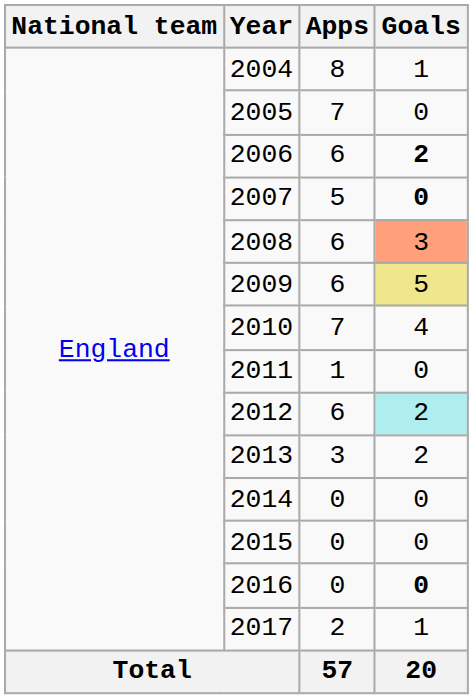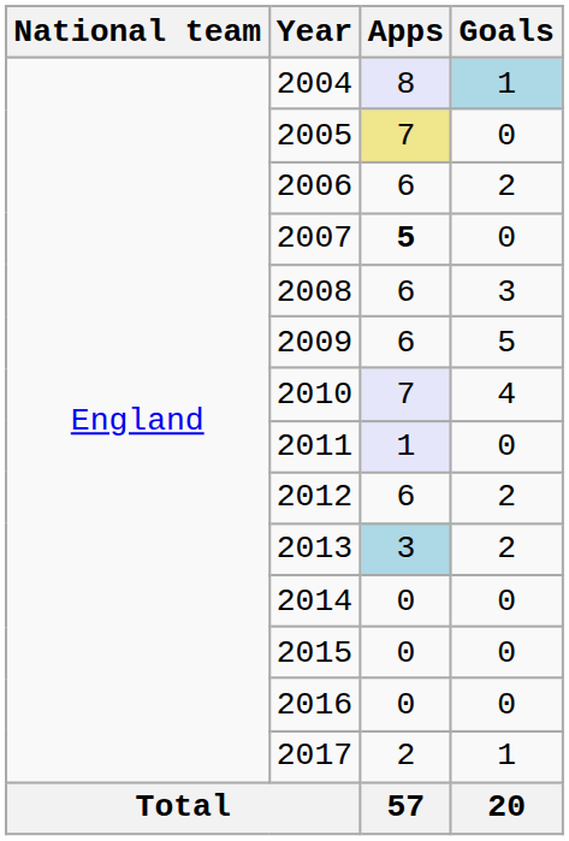 <table class="wikitable" style="text-align:center">
 <tr>
 <th>National team</th>
 <th>Year</th>
 <th>Apps</th>
 <th>Goals</th>
 </tr>
 <tr>
 <td rowspan="14"><a href='#'>England</a></td>
 <td>2004</td>
-<td>8</td>
-<td>1</td>
+<td style="background: lavender;">8</td>
+<td style="background: lightblue;">1</td>
 </tr>
 <tr>
 <td>2005</td>
-<td>7</td>
+<td style="background: khaki;">7</td>
 <td>0</td>
 </tr>
 <tr>
 <td>2006</td>
 <td>6</td>
-<td><strong>2</strong></td>
+<td>2</td>
 </tr>
 <tr>
 <td>2007</td>
-<td>5</td>
-<td><strong>0</strong></td>
+<td><strong>5</strong></td>
+<td>0</td>
 </tr>
 <tr>
 <td>2008</td>
 <td>6</td>
-<td style="background: lightsalmon;">3</td>
+<td>3</td>
 </tr>
 <tr>
 <td>2009</td>
 <td>6</td>
-<td style="background: khaki;">5</td>
+<td>5</td>
 </tr>
 <tr>
 <td>2010</td>
-<td>7</td>
+<td style="background: lavender;">7</td>
 <td>4</td>
 </tr>
 <tr>
 <td>2011</td>
-<td>1</td>
+<td style="background: lavender;">1</td>
 <td>0</td>
 </tr>
 <tr>
 <td>2012</td>
 <td>6</td>
-<td style="background: paleturquoise;">2</td>
+<td>2</td>
 </tr>
 <tr>
 <td>2013</td>
-<td>3</td>
+<td style="background: lightblue;">3</td>
 <td>2</td>
 </tr>
 <tr>
 <td>2014</td>
 <td>0</td>
 <td>0</td>
 </tr>
 <tr>
 <td>2015</td>
 <td>0</td>
 <td>0</td>
 </tr>
 <tr>
 <td>2016</td>
 <td>0</td>
-<td><strong>0</strong></td>
+<td>0</td>
 </tr>
 <tr>
 <td>2017</td>
 <td>2</td>
 <td>1</td>
 </tr>
 <tr>
 <th colspan="2">Total</th>
 <th>57</th>
 <th>20</th>
 </tr>
 </table>
